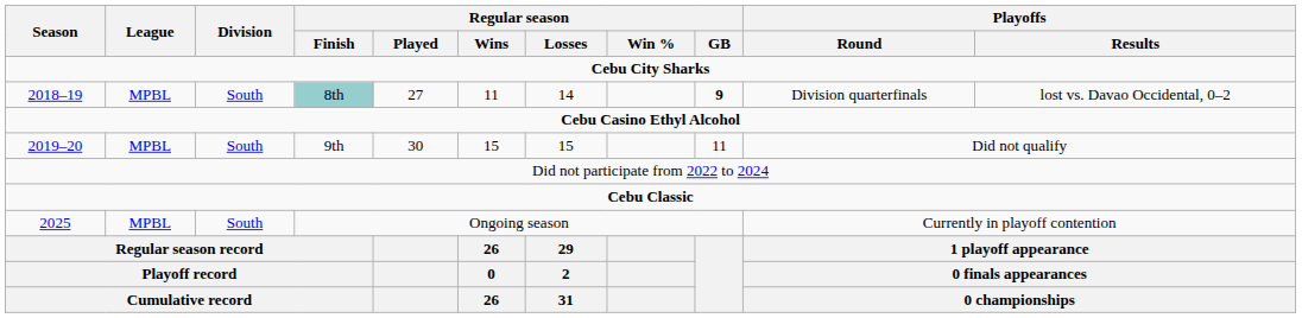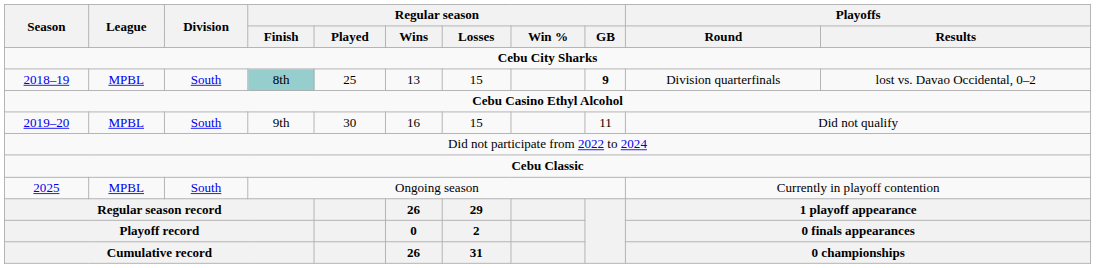 <table class="wikitable" style="width:100%; text-align:center; font-size:95%">
 <tr>
 <th rowspan=2>Season</th>
 <th rowspan=2>League</th>
 <th rowspan=2>Division</th>
 <th colspan=6>Regular season</th>
 <th colspan=2>Playoffs</th>
 </tr>
 <tr>
 <th>Finish</th>
 <th>Played</th>
 <th>Wins</th>
 <th>Losses</th>
 <th>Win %</th>
 <th>GB</th>
 <th>Round</th>
 <th>Results</th>
 </tr>
 <tr>
 <td align="center" colspan="11"><strong>Cebu City Sharks</strong></td>
 </tr>
 <tr>
 <td><a href='#'>2018–19</a></td>
 <td><a href='#'>MPBL</a></td>
 <td><a href='#'>South</a></td>
 <td bgcolor="#96CDCD">8th</td>
-<td>27</td>
-<td>11</td>
-<td>14</td>
+<td>25</td>
+<td>13</td>
+<td>15</td>
 <td></td>
 <td><strong>9</strong></td>
 <td>Division quarterfinals</td>
 <td>lost vs. Davao Occidental, 0–2</td>
 </tr>
 <tr>
 <td align="center" colspan="11"><strong>Cebu Casino Ethyl Alcohol</strong></td>
 </tr>
 <tr>
 <td><a href='#'>2019–20</a></td>
 <td><a href='#'>MPBL</a></td>
 <td><a href='#'>South</a></td>
 <td>9th</td>
 <td>30</td>
-<td>15</td>
+<td>16</td>
 <td>15</td>
 <td></td>
 <td>11</td>
 <td colspan=2>Did not qualify</td>
 </tr>
 <tr>
 <td colspan=11>Did not participate from <a href='#'>2022</a> to <a href='#'>2024</a></td>
 </tr>
 <tr>
 <td align="center" colspan="11"><strong>Cebu Classic</strong></td>
 </tr>
 <tr>
 <td><a href='#'>2025</a></td>
 <td><a href='#'>MPBL</a></td>
 <td><a href='#'>South</a></td>
 <td colspan=6>Ongoing season</td>
 <td colspan=2>Currently in playoff contention</td>
 </tr>
 <tr>
 <th colspan=4>Regular season record</th>
 <th></th>
 <th>26</th>
 <th>29</th>
 <th></th>
 <th rowspan=3></th>
 <th colspan=2>1 playoff appearance</th>
 </tr>
 <tr>
 <th colspan=4>Playoff record</th>
 <th></th>
 <th>0</th>
 <th>2</th>
 <th></th>
 <th colspan=2>0 finals appearances</th>
 </tr>
 <tr>
 <th colspan=4>Cumulative record</th>
 <th></th>
 <th>26</th>
 <th>31</th>
 <th></th>
 <th colspan=2>0 championships</th>
 </tr>
 </table>
